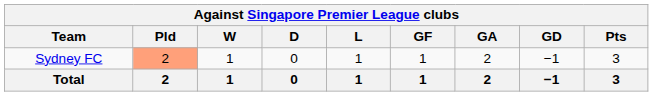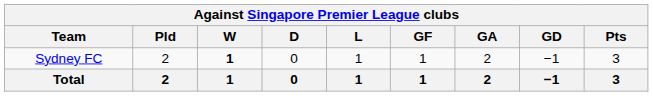 <table class="wikitable" width="60%" style="text-align:center">
 <tr>
 <th colspan="9">Against <a href='#'>Singapore Premier League</a> clubs</th>
 </tr>
 <tr>
 <th width="10%">Team</th>
 <th width="5%">Pld</th>
 <th width="5%">W</th>
 <th width="5%">D</th>
 <th width="5%">L</th>
 <th width="5%">GF</th>
 <th width="5%">GA</th>
 <th width="5%">GD</th>
 <th width="5%">Pts</th>
 </tr>
 <tr>
 <td align="center"><a href='#'>Sydney FC</a></td>
-<td style="background: lightsalmon;">2</td>
-<td>1</td>
+<td>2</td>
+<td><strong>1</strong></td>
 <td>0</td>
 <td>1</td>
 <td>1</td>
 <td>2</td>
 <td>−1</td>
 <td>3</td>
 </tr>
 <tr>
 <th>Total</th>
 <th>2</th>
 <th>1</th>
 <th>0</th>
 <th>1</th>
 <th>1</th>
 <th>2</th>
 <th>−1</th>
 <th>3</th>
 </tr>
 </table>
